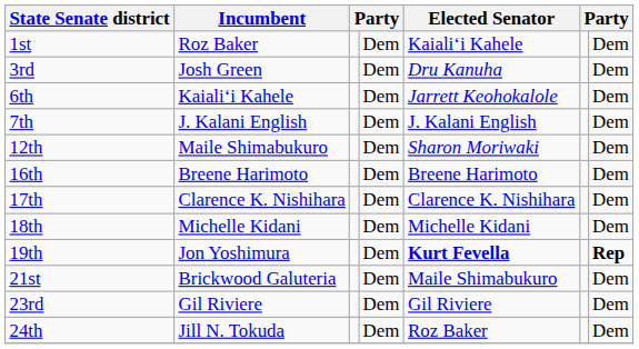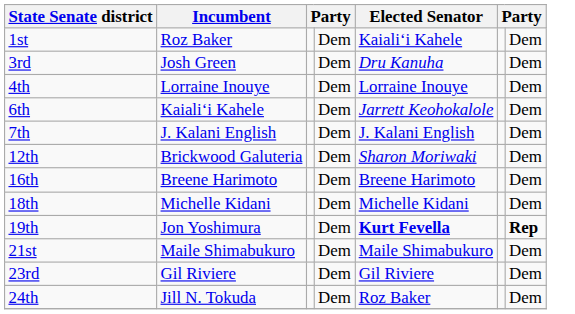 <table class="sortable wikitable" style="font-size:95%;line-height:14px;">
 <tr>
 <th class="unsortable"><a href='#'>State Senate</a> district</th>
 <th class="unsortable"><a href='#'>Incumbent</a></th>
 <th colspan="2">Party</th>
 <th class="unsortable">Elected Senator</th>
 <th colspan="2">Party</th>
 </tr>
 <tr>
 <td><a href='#'>1st</a></td>
 <td><a href='#'>Roz Baker</a></td>
 <td style="background:"></td>
 <td>Dem</td>
 <td><a href='#'>Kaiali‘i Kahele</a></td>
 <td style="background:"></td>
 <td>Dem</td>
 </tr>
 <tr>
 <td><a href='#'>3rd</a></td>
 <td><a href='#'>Josh Green</a></td>
 <td style="background:"></td>
 <td>Dem</td>
 <td><em><a href='#'>Dru Kanuha</a></em></td>
 <td style="background:"></td>
 <td>Dem</td>
 </tr>
 <tr>
+<td><a href='#'>4th</a></td>
+<td><a href='#'>Lorraine Inouye</a></td>
+<td style="background:"></td>
+<td>Dem</td>
+<td><a href='#'>Lorraine Inouye</a></td>
+<td style="background:"></td>
+<td>Dem</td>
+</tr>
+<tr>
 <td><a href='#'>6th</a></td>
 <td><a href='#'>Kaiali‘i Kahele</a></td>
 <td style="background:"></td>
 <td>Dem</td>
 <td><em><a href='#'>Jarrett Keohokalole</a></em></td>
 <td style="background:"></td>
 <td>Dem</td>
 </tr>
 <tr>
 <td><a href='#'>7th</a></td>
 <td><a href='#'>J. Kalani English</a></td>
 <td style="background:"></td>
 <td>Dem</td>
 <td><a href='#'>J. Kalani English</a></td>
 <td style="background:"></td>
 <td>Dem</td>
 </tr>
 <tr>
 <td><a href='#'>12th</a></td>
-<td><a href='#'>Maile Shimabukuro</a></td>
+<td><a href='#'>Brickwood Galuteria</a></td>
 <td style="background:"></td>
 <td>Dem</td>
 <td><em><a href='#'>Sharon Moriwaki</a></em></td>
 <td style="background:"></td>
 <td>Dem</td>
 </tr>
 <tr>
 <td><a href='#'>16th</a></td>
 <td><a href='#'>Breene Harimoto</a></td>
 <td style="background:"></td>
 <td>Dem</td>
 <td><a href='#'>Breene Harimoto</a></td>
-<td style="background:"></td>
-<td>Dem</td>
-</tr>
-<tr>
-<td><a href='#'>17th</a></td>
-<td><a href='#'>Clarence K. Nishihara</a></td>
-<td style="background:"></td>
-<td>Dem</td>
-<td><a href='#'>Clarence K. Nishihara</a></td>
 <td style="background:"></td>
 <td>Dem</td>
 </tr>
 <tr>
 <td><a href='#'>18th</a></td>
 <td><a href='#'>Michelle Kidani</a></td>
 <td style="background:"></td>
 <td>Dem</td>
 <td><a href='#'>Michelle Kidani</a></td>
 <td style="background:"></td>
 <td>Dem</td>
 </tr>
 <tr>
 <td><a href='#'>19th</a></td>
 <td><a href='#'>Jon Yoshimura</a></td>
 <td style="background:"></td>
 <td>Dem</td>
 <td><strong><a href='#'>Kurt Fevella</a></strong></td>
 <td style="background:"></td>
 <td><strong>Rep</strong></td>
 </tr>
 <tr>
 <td><a href='#'>21st</a></td>
-<td><a href='#'>Brickwood Galuteria</a></td>
+<td><a href='#'>Maile Shimabukuro</a></td>
 <td style="background:"></td>
 <td>Dem</td>
 <td><a href='#'>Maile Shimabukuro</a></td>
 <td style="background:"></td>
 <td>Dem</td>
 </tr>
 <tr>
 <td><a href='#'>23rd</a></td>
 <td><a href='#'>Gil Riviere</a></td>
 <td style="background:"></td>
 <td>Dem</td>
 <td><a href='#'>Gil Riviere</a></td>
 <td style="background:"></td>
 <td>Dem</td>
 </tr>
 <tr>
 <td><a href='#'>24th</a></td>
 <td><a href='#'>Jill N. Tokuda</a></td>
 <td style="background:"></td>
 <td>Dem</td>
 <td><a href='#'>Roz Baker</a></td>
 <td style="background:"></td>
 <td>Dem</td>
 </tr>
 <tr>
 </tr>
 </table>
